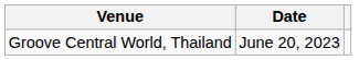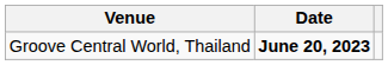 <table class="wikitable" style="text-align: center;">
 <tr>
 <th colspan="2">Venue</th>
 <th>Date</th>
 <th></th>
 </tr>
 <tr>
 <td colspan="2">Groove Central World, Thailand</td>
-<td>June 20, 2023</td>
+<td><strong>June 20, 2023</strong></td>
 <td></td>
 </tr>
 </table>
